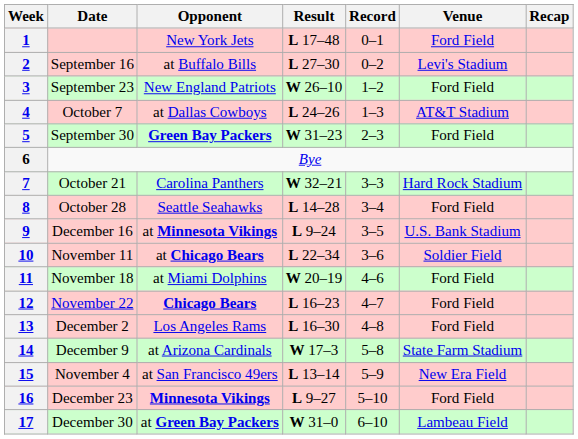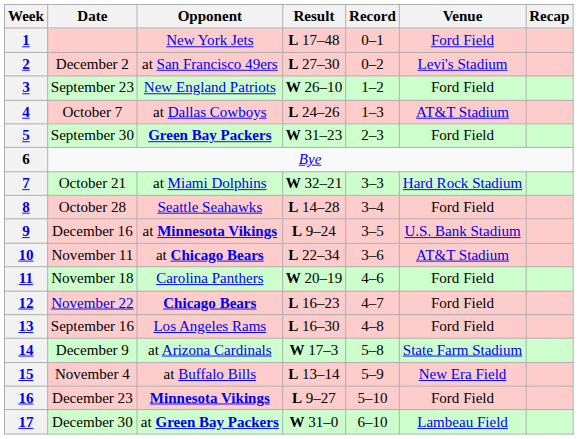 <table class="wikitable" style="text-align:center">
 <tr>
 <th>Week</th>
 <th>Date</th>
 <th>Opponent</th>
 <th>Result</th>
 <th>Record</th>
 <th>Venue</th>
 <th>Recap</th>
 </tr>
 <tr style="background:#fcc">
 <th><a href='#'>1</a></th>
 <td></td>
 <td><a href='#'>New York Jets</a></td>
 <td><strong>L</strong> 17–48</td>
 <td>0–1</td>
 <td><a href='#'>Ford Field</a></td>
 <td></td>
 </tr>
 <tr style="background:#fcc">
 <th><a href='#'>2</a></th>
-<td>September 16</td>
-<td>at <a href='#'>Buffalo Bills</a></td>
+<td>December 2</td>
+<td>at <a href='#'>San Francisco 49ers</a></td>
 <td><strong>L</strong> 27–30</td>
 <td>0–2</td>
 <td><a href='#'>Levi's Stadium</a></td>
 <td></td>
 </tr>
 <tr style="background:#cfc">
 <th><a href='#'>3</a></th>
 <td>September 23</td>
 <td><a href='#'>New England Patriots</a></td>
 <td><strong>W</strong> 26–10</td>
 <td>1–2</td>
 <td>Ford Field</td>
 <td></td>
 </tr>
 <tr style="background:#fcc">
 <th><a href='#'>4</a></th>
 <td>October 7</td>
 <td>at <a href='#'>Dallas Cowboys</a></td>
 <td><strong>L</strong> 24–26</td>
 <td>1–3</td>
 <td><a href='#'>AT&T Stadium</a></td>
 <td></td>
 </tr>
 <tr style="background:#cfc">
 <th><a href='#'>5</a></th>
 <td>September 30</td>
 <td><strong><a href='#'>Green Bay Packers</a></strong></td>
 <td><strong>W</strong> 31–23</td>
 <td>2–3</td>
 <td>Ford Field</td>
 <td></td>
 </tr>
 <tr>
 <th>6</th>
 <td colspan="6"><em><a href='#'>Bye</a></em></td>
 </tr>
 <tr style="background:#cfc">
 <th><a href='#'>7</a></th>
 <td>October 21</td>
-<td><a href='#'>Carolina Panthers</a></td>
+<td>at <a href='#'>Miami Dolphins</a></td>
 <td><strong>W</strong> 32–21</td>
 <td>3–3</td>
 <td><a href='#'>Hard Rock Stadium</a></td>
 <td></td>
 </tr>
 <tr style="background:#fcc">
 <th><a href='#'>8</a></th>
 <td>October 28</td>
 <td><a href='#'>Seattle Seahawks</a></td>
 <td><strong>L</strong> 14–28</td>
 <td>3–4</td>
 <td>Ford Field</td>
 <td></td>
 </tr>
 <tr style="background:#fcc">
 <th><a href='#'>9</a></th>
 <td>December 16</td>
 <td>at <strong><a href='#'>Minnesota Vikings</a></strong></td>
 <td><strong>L</strong> 9–24</td>
 <td>3–5</td>
 <td><a href='#'>U.S. Bank Stadium</a></td>
 <td></td>
 </tr>
 <tr style="background:#fcc">
 <th><a href='#'>10</a></th>
 <td>November 11</td>
 <td>at <strong><a href='#'>Chicago Bears</a></strong></td>
 <td><strong>L</strong> 22–34</td>
 <td>3–6</td>
-<td><a href='#'>Soldier Field</a></td>
+<td><a href='#'>AT&T Stadium</a></td>
 <td></td>
 </tr>
 <tr style="background:#cfc">
 <th><a href='#'>11</a></th>
 <td>November 18</td>
-<td>at <a href='#'>Miami Dolphins</a></td>
+<td><a href='#'>Carolina Panthers</a></td>
 <td><strong>W</strong> 20–19</td>
 <td>4–6</td>
 <td>Ford Field</td>
 <td></td>
 </tr>
 <tr style="background:#fcc">
 <th><a href='#'>12</a></th>
 <td><a href='#'>November 22</a></td>
 <td><strong><a href='#'>Chicago Bears</a></strong></td>
 <td><strong>L</strong> 16–23</td>
 <td>4–7</td>
 <td>Ford Field</td>
 <td></td>
 </tr>
 <tr style="background:#fcc">
 <th><a href='#'>13</a></th>
-<td>December 2</td>
+<td>September 16</td>
 <td><a href='#'>Los Angeles Rams</a></td>
 <td><strong>L</strong> 16–30</td>
 <td>4–8</td>
 <td>Ford Field</td>
 <td></td>
 </tr>
 <tr style="background:#cfc">
 <th><a href='#'>14</a></th>
 <td>December 9</td>
 <td>at <a href='#'>Arizona Cardinals</a></td>
 <td><strong>W</strong> 17–3</td>
 <td>5–8</td>
 <td><a href='#'>State Farm Stadium</a></td>
 <td></td>
 </tr>
 <tr style="background:#fcc">
 <th><a href='#'>15</a></th>
 <td>November 4</td>
-<td>at <a href='#'>San Francisco 49ers</a></td>
+<td>at <a href='#'>Buffalo Bills</a></td>
 <td><strong>L</strong> 13–14</td>
 <td>5–9</td>
 <td><a href='#'>New Era Field</a></td>
 <td></td>
 </tr>
 <tr style="background:#fcc">
 <th><a href='#'>16</a></th>
 <td>December 23</td>
 <td><strong><a href='#'>Minnesota Vikings</a></strong></td>
 <td><strong>L</strong> 9–27</td>
 <td>5–10</td>
 <td>Ford Field</td>
 <td></td>
 </tr>
 <tr style="background:#cfc">
 <th><a href='#'>17</a></th>
 <td>December 30</td>
 <td>at <strong><a href='#'>Green Bay Packers</a></strong></td>
 <td><strong>W</strong> 31–0</td>
 <td>6–10</td>
 <td><a href='#'>Lambeau Field</a></td>
 <td></td>
 </tr>
 </table>
